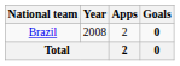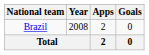 <table class="wikitable" style="text-align:center">
 <tr>
 <th>National team</th>
 <th>Year</th>
 <th>Apps</th>
 <th>Goals</th>
 </tr>
 <tr>
 <td><a href='#'>Brazil</a></td>
 <td>2008</td>
 <td>2</td>
-<td><strong>0</strong></td>
+<td>0</td>
 </tr>
 <tr>
 <th colspan="2">Total</th>
 <th>2</th>
 <th>0</th>
 </tr>
 </table>
